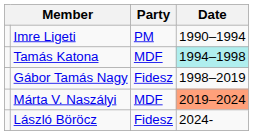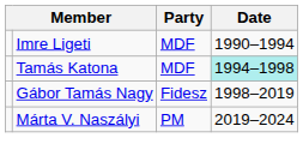 <table class=wikitable>
 <tr>
 <th colspan=2>Member</th>
 <th>Party</th>
 <th>Date</th>
 </tr>
 <tr>
 <td style="background-color:"></td>
 <td><a href='#'>Imre Ligeti</a></td>
-<td><a href='#'>PM</a></td>
+<td><a href='#'>MDF</a></td>
 <td>1990–1994</td>
 </tr>
 <tr>
 <td style="background-color:"></td>
 <td><a href='#'>Tamás Katona</a></td>
 <td><a href='#'>MDF</a></td>
 <td style="background: paleturquoise;">1994–1998</td>
 </tr>
 <tr>
 <td style="background-color:"></td>
 <td><a href='#'>Gábor Tamás Nagy</a></td>
 <td><a href='#'>Fidesz</a></td>
 <td>1998–2019</td>
 </tr>
 <tr>
 <td style="background-color:"></td>
 <td><a href='#'>Márta V. Naszályi</a></td>
-<td><a href='#'>MDF</a></td>
-<td style="background: lightsalmon;">2019–2024</td>
-</tr>
-<tr>
-<td style="background-color:"></td>
-<td><a href='#'>László Böröcz</a></td>
-<td><a href='#'>Fidesz</a></td>
-<td>2024-</td>
+<td><a href='#'>PM</a></td>
+<td>2019–2024</td>
 </tr>
 </table>
